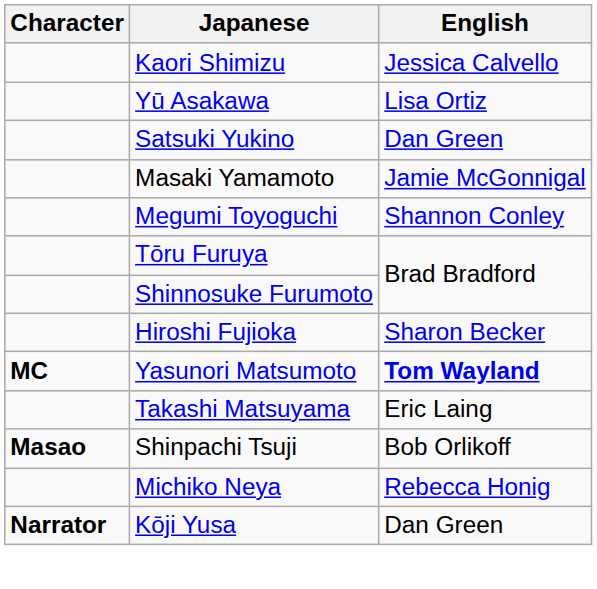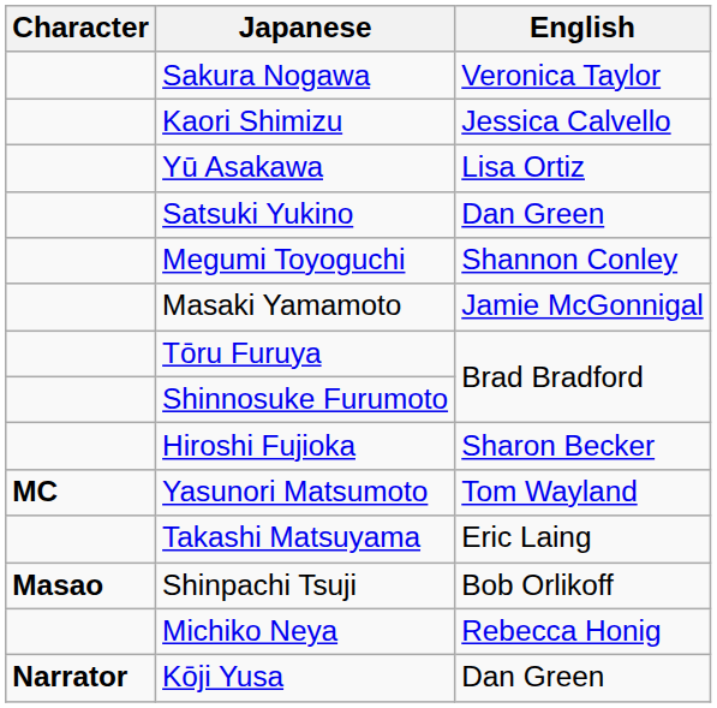 <table class="wikitable sortable">
 <tr>
 <th>Character</th>
 <th>Japanese</th>
 <th>English</th>
+</tr>
+<tr>
+<td></td>
+<td><a href='#'>Sakura Nogawa</a></td>
+<td><a href='#'>Veronica Taylor</a></td>
 </tr>
 <tr>
 <td></td>
 <td><a href='#'>Kaori Shimizu</a></td>
 <td><a href='#'>Jessica Calvello</a></td>
 </tr>
 <tr>
 <td></td>
 <td><a href='#'>Yū Asakawa</a></td>
 <td><a href='#'>Lisa Ortiz</a></td>
 </tr>
 <tr>
 <td></td>
 <td><a href='#'>Satsuki Yukino</a></td>
 <td><a href='#'>Dan Green</a></td>
 </tr>
 <tr>
 <td></td>
-<td>Masaki Yamamoto</td>
-<td><a href='#'>Jamie McGonnigal</a></td>
+<td><a href='#'>Megumi Toyoguchi</a></td>
+<td><a href='#'>Shannon Conley</a></td>
 </tr>
 <tr>
 <td></td>
-<td><a href='#'>Megumi Toyoguchi</a></td>
-<td><a href='#'>Shannon Conley</a></td>
+<td>Masaki Yamamoto</td>
+<td><a href='#'>Jamie McGonnigal</a></td>
 </tr>
 <tr>
 <td></td>
 <td><a href='#'>Tōru Furuya</a></td>
 <td rowspan=2>Brad Bradford</td>
 </tr>
 <tr>
 <td></td>
 <td><a href='#'>Shinnosuke Furumoto</a></td>
 </tr>
 <tr>
 <td></td>
 <td><a href='#'>Hiroshi Fujioka</a></td>
 <td><a href='#'>Sharon Becker</a></td>
 </tr>
 <tr>
 <td><strong>MC</strong></td>
 <td><a href='#'>Yasunori Matsumoto</a></td>
-<td><strong><a href='#'>Tom Wayland</a></strong></td>
+<td><a href='#'>Tom Wayland</a></td>
 </tr>
 <tr>
 <td></td>
 <td><a href='#'>Takashi Matsuyama</a></td>
 <td>Eric Laing</td>
 </tr>
 <tr>
 <td><strong>Masao</strong></td>
 <td>Shinpachi Tsuji</td>
 <td>Bob Orlikoff</td>
 </tr>
 <tr>
 <td></td>
 <td><a href='#'>Michiko Neya</a></td>
 <td><a href='#'>Rebecca Honig</a></td>
 </tr>
 <tr>
 <td><strong>Narrator</strong></td>
 <td><a href='#'>Kōji Yusa</a></td>
 <td>Dan Green</td>
 </tr>
 </table>
